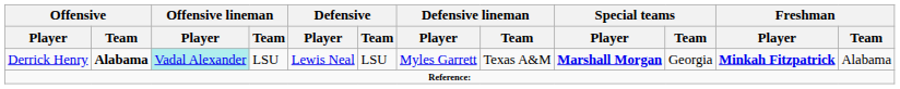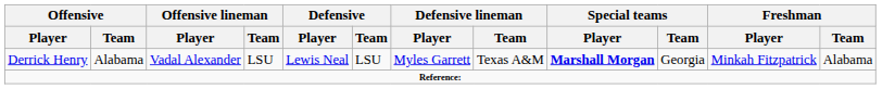 <table class="wikitable">
 <tr>
 <th colspan="2">Offensive</th>
 <th colspan="2">Offensive lineman</th>
 <th colspan="2">Defensive</th>
 <th colspan="2">Defensive lineman</th>
 <th colspan="2">Special teams</th>
 <th colspan="2">Freshman</th>
 </tr>
 <tr>
 <th>Player</th>
 <th>Team</th>
 <th>Player</th>
 <th>Team</th>
 <th>Player</th>
 <th>Team</th>
 <th>Player</th>
 <th>Team</th>
 <th>Player</th>
 <th>Team</th>
 <th>Player</th>
 <th>Team</th>
 </tr>
 <tr>
 <td><a href='#'>Derrick Henry</a></td>
-<td><strong>Alabama</strong></td>
-<td style="background: paleturquoise;"><a href='#'>Vadal Alexander</a></td>
+<td>Alabama</td>
+<td><a href='#'>Vadal Alexander</a></td>
 <td>LSU</td>
 <td><a href='#'>Lewis Neal</a></td>
 <td>LSU</td>
 <td><a href='#'>Myles Garrett</a></td>
 <td>Texas A&M</td>
 <td><strong><a href='#'>Marshall Morgan</a></strong></td>
 <td>Georgia</td>
-<td><strong><a href='#'>Minkah Fitzpatrick</a></strong></td>
+<td><a href='#'>Minkah Fitzpatrick</a></td>
 <td>Alabama</td>
 </tr>
 <tr>
 <td colspan="12"  style="font-size:8pt; text-align:center;"><strong>Reference:</strong></td>
 </tr>
 </table>
